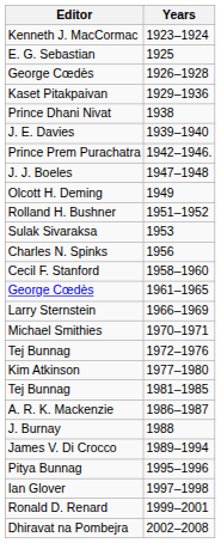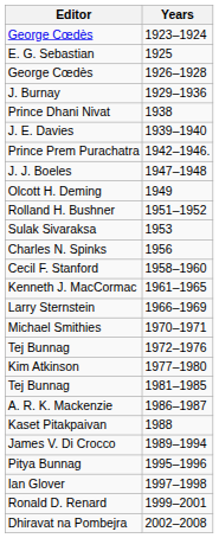 <table class=wikitable>
 <tr>
 <th>Editor</th>
 <th>Years</th>
 </tr>
 <tr>
-<td>Kenneth J. MacCormac</td>
+<td><a href='#'>George Cœdès</a></td>
 <td>1923–1924</td>
 </tr>
 <tr>
 <td>E. G. Sebastian</td>
 <td>1925</td>
 </tr>
 <tr>
 <td>George Cœdès</td>
 <td>1926–1928</td>
 </tr>
 <tr>
-<td>Kaset Pitakpaivan</td>
+<td>J. Burnay</td>
 <td>1929–1936</td>
 </tr>
 <tr>
 <td>Prince Dhani Nivat</td>
 <td>1938</td>
 </tr>
 <tr>
 <td>J. E. Davies</td>
 <td>1939–1940</td>
 </tr>
 <tr>
 <td>Prince Prem Purachatra</td>
 <td>1942–1946.</td>
 </tr>
 <tr>
 <td>J. J. Boeles</td>
 <td>1947–1948</td>
 </tr>
 <tr>
 <td>Olcott H. Deming</td>
 <td>1949</td>
 </tr>
 <tr>
 <td>Rolland H. Bushner</td>
 <td>1951–1952</td>
 </tr>
 <tr>
 <td>Sulak Sivaraksa</td>
 <td>1953</td>
 </tr>
 <tr>
 <td>Charles N. Spinks</td>
 <td>1956</td>
 </tr>
 <tr>
 <td>Cecil F. Stanford</td>
 <td>1958–1960</td>
 </tr>
 <tr>
-<td><a href='#'>George Cœdès</a></td>
+<td>Kenneth J. MacCormac</td>
 <td>1961–1965</td>
 </tr>
 <tr>
 <td>Larry Sternstein</td>
 <td>1966–1969</td>
 </tr>
 <tr>
 <td>Michael Smithies</td>
 <td>1970–1971</td>
 </tr>
 <tr>
 <td>Tej Bunnag</td>
 <td>1972–1976</td>
 </tr>
 <tr>
 <td>Kim Atkinson</td>
 <td>1977–1980</td>
 </tr>
 <tr>
 <td>Tej Bunnag</td>
 <td>1981–1985</td>
 </tr>
 <tr>
 <td>A. R. K. Mackenzie</td>
 <td>1986–1987</td>
 </tr>
 <tr>
-<td>J. Burnay</td>
+<td>Kaset Pitakpaivan</td>
 <td>1988</td>
 </tr>
 <tr>
 <td>James V. Di Crocco</td>
 <td>1989–1994</td>
 </tr>
 <tr>
 <td>Pitya Bunnag</td>
 <td>1995–1996</td>
 </tr>
 <tr>
 <td>Ian Glover</td>
 <td>1997–1998</td>
 </tr>
 <tr>
 <td>Ronald D. Renard</td>
 <td>1999–2001</td>
 </tr>
 <tr>
 <td>Dhiravat na Pombejra</td>
 <td>2002–2008</td>
 </tr>
 </table>
